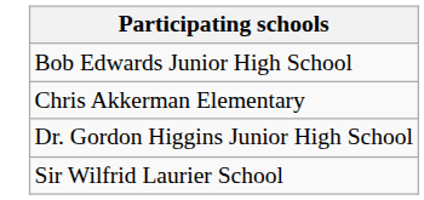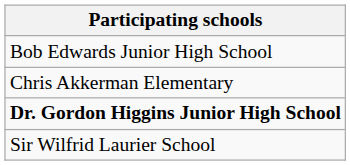 <table class="wikitable" align=right>
 <tr>
 <th>Participating schools</th>
 </tr>
 <tr>
 <td>Bob Edwards Junior High School</td>
 </tr>
 <tr>
 <td>Chris Akkerman Elementary</td>
 </tr>
 <tr>
-<td>Dr. Gordon Higgins Junior High School</td>
+<td><strong>Dr. Gordon Higgins Junior High School</strong></td>
 </tr>
 <tr>
 <td>Sir Wilfrid Laurier School</td>
 </tr>
 </table>
